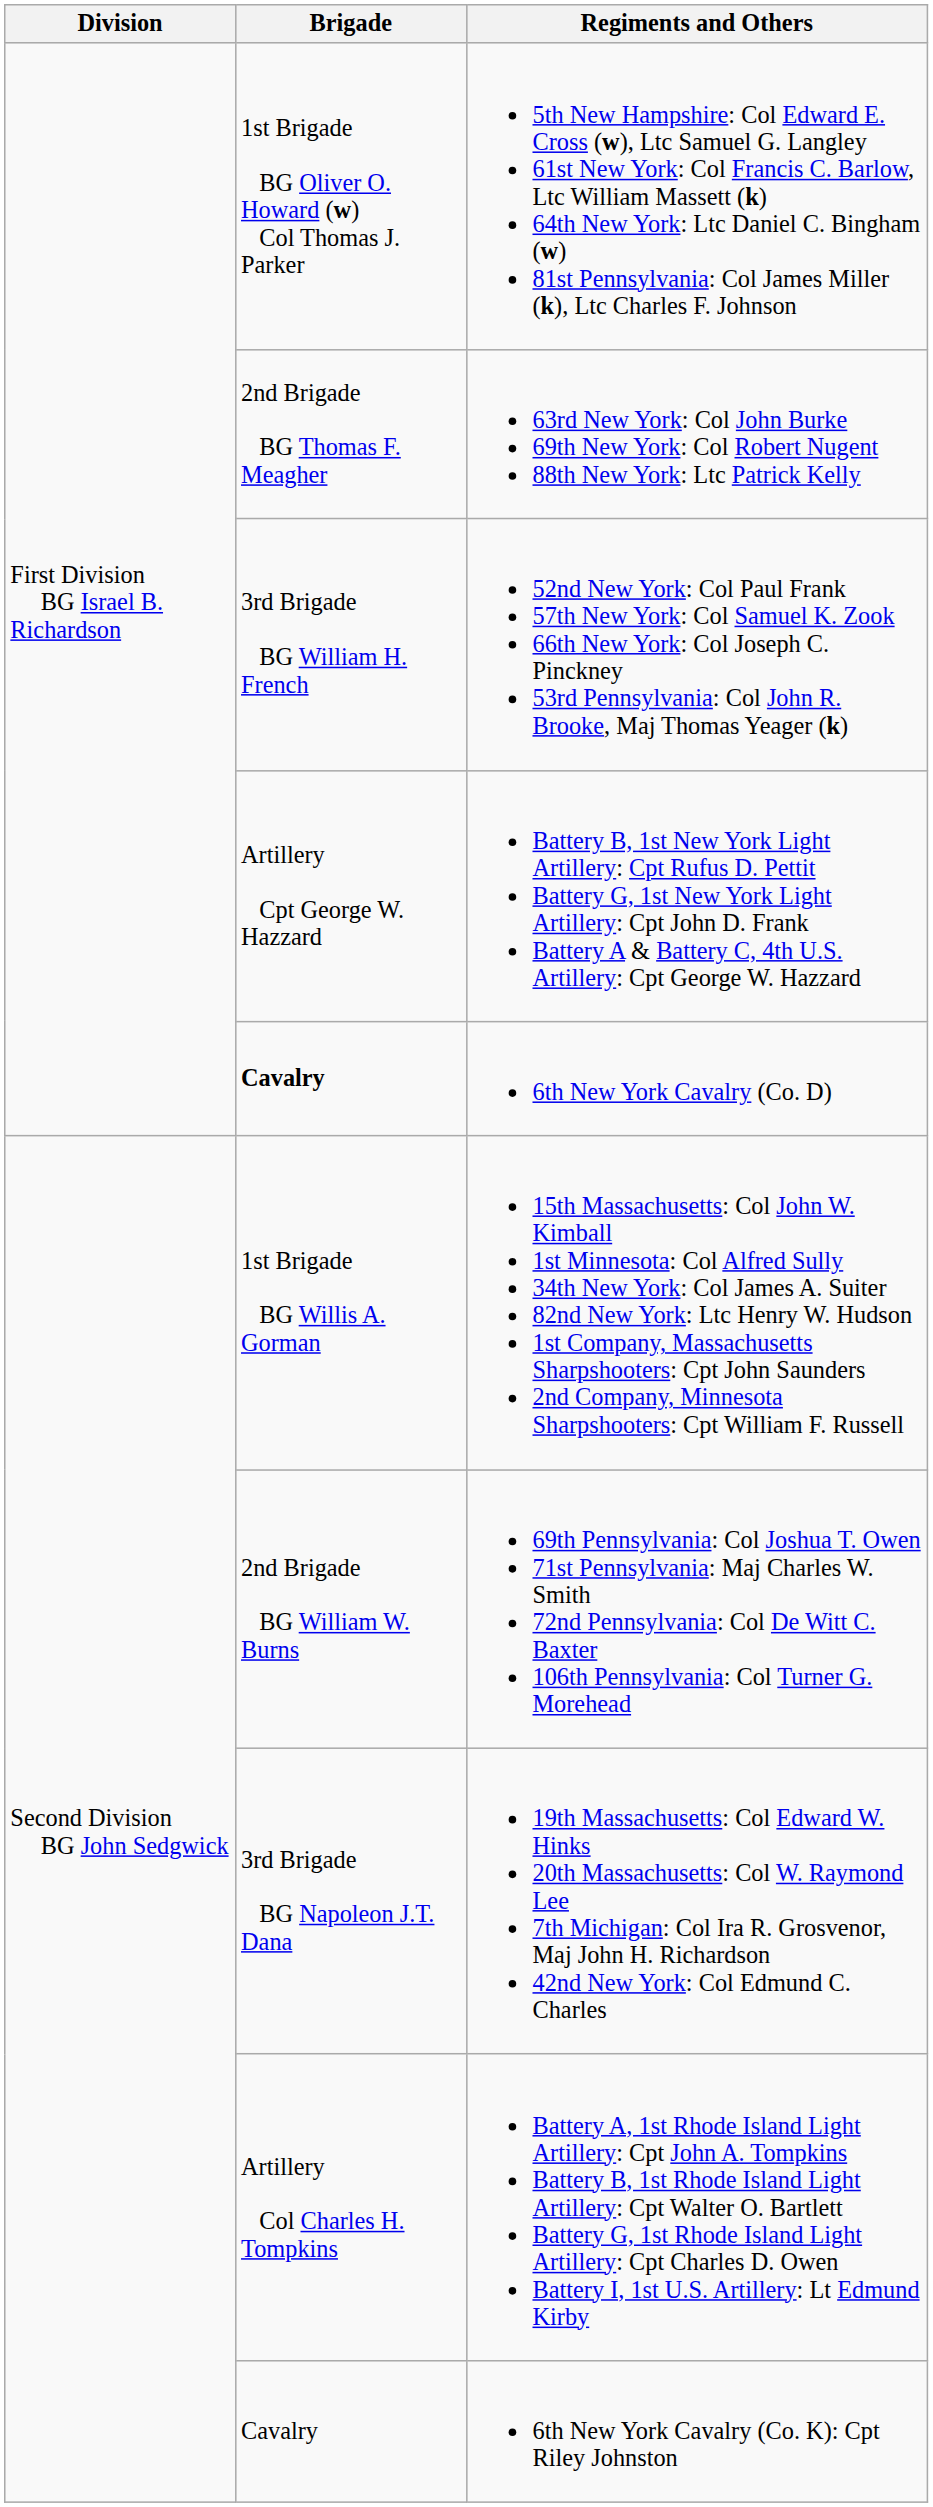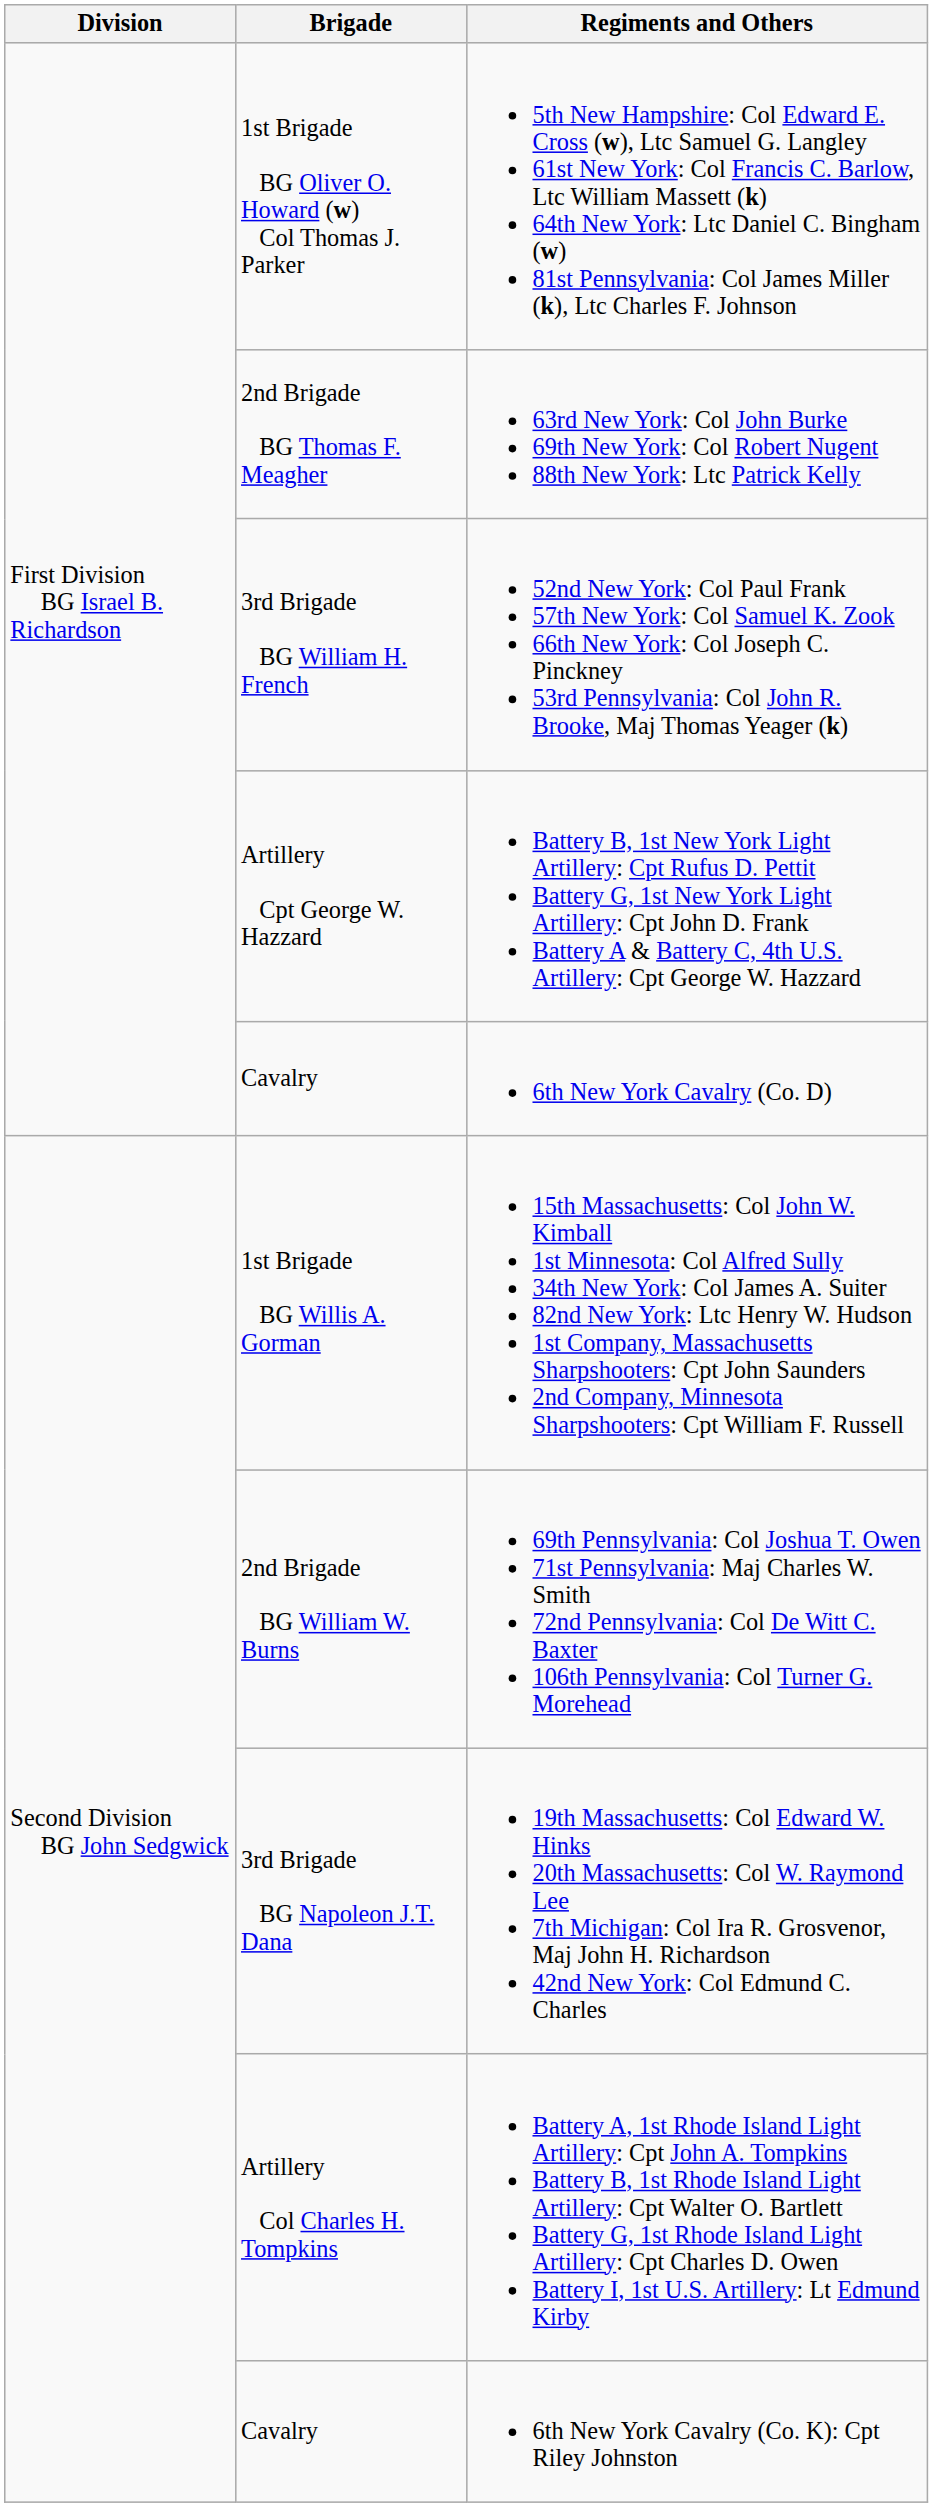 <table class="wikitable">
 <tr>
 <th style="width:25%;">Division</th>
 <th style="width:25%;">Brigade</th>
 <th>Regiments and Others</th>
 </tr>
 <tr>
 <td rowspan=5><br>First Division <br>     BG <a href='#'>Israel B. Richardson</a></td>
 <td>1st Brigade<br><br>   BG <a href='#'>Oliver O. Howard</a> (<strong>w</strong>) <br>   Col Thomas J. Parker</td>
 <td><br><ul><li><a href='#'>5th New Hampshire</a>: Col <a href='#'>Edward E. Cross</a> (<strong>w</strong>), Ltc Samuel G. Langley</li><li><a href='#'>61st New York</a>: Col <a href='#'>Francis C. Barlow</a>, Ltc William Massett (<strong>k</strong>)</li><li><a href='#'>64th New York</a>: Ltc Daniel C. Bingham (<strong>w</strong>)</li><li><a href='#'>81st Pennsylvania</a>: Col James Miller (<strong>k</strong>), Ltc Charles F. Johnson</li></ul></td>
 </tr>
 <tr>
 <td>2nd Brigade<br><br>   BG <a href='#'>Thomas F. Meagher</a></td>
 <td><br><ul><li><a href='#'>63rd New York</a>: Col <a href='#'>John Burke</a></li><li><a href='#'>69th New York</a>: Col <a href='#'>Robert Nugent</a></li><li><a href='#'>88th New York</a>: Ltc <a href='#'>Patrick Kelly</a></li></ul></td>
 </tr>
 <tr>
 <td>3rd Brigade<br><br>   BG <a href='#'>William H. French</a></td>
 <td><br><ul><li><a href='#'>52nd New York</a>: Col Paul Frank</li><li><a href='#'>57th New York</a>: Col <a href='#'>Samuel K. Zook</a></li><li><a href='#'>66th New York</a>: Col Joseph C. Pinckney</li><li><a href='#'>53rd Pennsylvania</a>: Col <a href='#'>John R. Brooke</a>, Maj Thomas Yeager (<strong>k</strong>)</li></ul></td>
 </tr>
 <tr>
 <td>Artillery<br><br>   Cpt George W. Hazzard</td>
 <td><br><ul><li><a href='#'>Battery B, 1st New York Light Artillery</a>: <a href='#'>Cpt Rufus D. Pettit</a></li><li><a href='#'>Battery G, 1st New York Light Artillery</a>: Cpt John D. Frank</li><li><a href='#'>Battery A</a> & <a href='#'>Battery C, 4th U.S. Artillery</a>: Cpt George W. Hazzard</li></ul></td>
 </tr>
 <tr>
-<td><strong>Cavalry</strong></td>
+<td>Cavalry</td>
 <td><br><ul><li><a href='#'>6th New York Cavalry</a> (Co. D)</li></ul></td>
 </tr>
 <tr>
 <td rowspan=5><br>Second Division <br>     BG <a href='#'>John Sedgwick</a></td>
 <td>1st Brigade<br><br>   BG <a href='#'>Willis A. Gorman</a></td>
 <td><br><ul><li><a href='#'>15th Massachusetts</a>: Col <a href='#'>John W. Kimball</a></li><li><a href='#'>1st Minnesota</a>: Col <a href='#'>Alfred Sully</a></li><li><a href='#'>34th New York</a>: Col James A. Suiter</li><li><a href='#'>82nd New York</a>: Ltc Henry W. Hudson</li><li><a href='#'>1st Company, Massachusetts Sharpshooters</a>: Cpt John Saunders</li><li><a href='#'>2nd Company, Minnesota Sharpshooters</a>: Cpt William F. Russell</li></ul></td>
 </tr>
 <tr>
 <td>2nd Brigade<br><br>   BG <a href='#'>William W. Burns</a></td>
 <td><br><ul><li><a href='#'>69th Pennsylvania</a>: Col <a href='#'>Joshua T. Owen</a></li><li><a href='#'>71st Pennsylvania</a>: Maj Charles W. Smith</li><li><a href='#'>72nd Pennsylvania</a>: Col <a href='#'>De Witt C. Baxter</a></li><li><a href='#'>106th Pennsylvania</a>: Col <a href='#'>Turner G. Morehead</a></li></ul></td>
 </tr>
 <tr>
 <td>3rd Brigade<br><br>   BG <a href='#'>Napoleon J.T. Dana</a></td>
 <td><br><ul><li><a href='#'>19th Massachusetts</a>: Col <a href='#'>Edward W. Hinks</a></li><li><a href='#'>20th Massachusetts</a>: Col <a href='#'>W. Raymond Lee</a></li><li><a href='#'>7th Michigan</a>: Col Ira R. Grosvenor, Maj John H. Richardson</li><li><a href='#'>42nd New York</a>: Col Edmund C. Charles</li></ul></td>
 </tr>
 <tr>
 <td>Artillery<br><br>   Col <a href='#'>Charles H. Tompkins</a></td>
 <td><br><ul><li><a href='#'>Battery A, 1st Rhode Island Light Artillery</a>: Cpt <a href='#'>John A. Tompkins</a></li><li><a href='#'>Battery B, 1st Rhode Island Light Artillery</a>: Cpt Walter O. Bartlett</li><li><a href='#'>Battery G, 1st Rhode Island Light Artillery</a>: Cpt Charles D. Owen</li><li><a href='#'>Battery I, 1st U.S. Artillery</a>: Lt <a href='#'>Edmund Kirby</a></li></ul></td>
 </tr>
 <tr>
 <td>Cavalry</td>
 <td><br><ul><li>6th New York Cavalry (Co. K): Cpt Riley Johnston</li></ul></td>
 </tr>
 </table>
